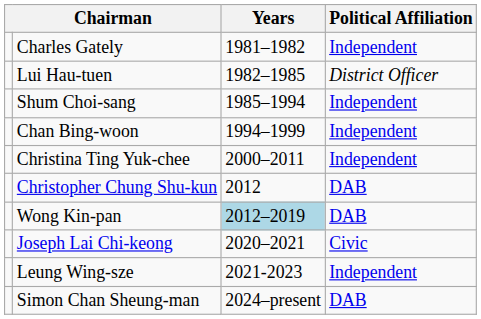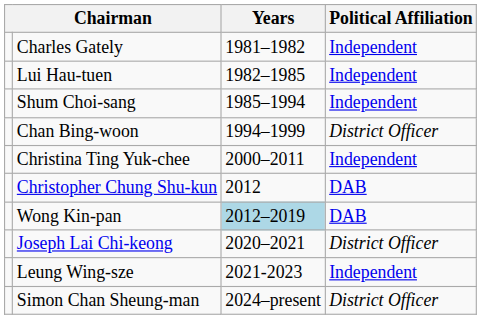 <table class="wikitable">
 <tr>
 <th colspan=2>Chairman</th>
 <th>Years</th>
 <th>Political Affiliation</th>
 </tr>
 <tr>
 <td style="color:inherit;background:"></td>
 <td>Charles Gately</td>
 <td>1981–1982</td>
 <td><a href='#'>Independent</a></td>
 </tr>
 <tr>
 <td style="color:inherit;background:"></td>
 <td>Lui Hau-tuen</td>
 <td>1982–1985</td>
-<td><em>District Officer</em></td>
+<td><a href='#'>Independent</a></td>
 </tr>
 <tr>
 <td style="color:inherit;background:"></td>
 <td>Shum Choi-sang</td>
 <td>1985–1994</td>
 <td><a href='#'>Independent</a></td>
 </tr>
 <tr>
 <td style="color:inherit;background:"></td>
 <td>Chan Bing-woon</td>
 <td>1994–1999</td>
-<td><a href='#'>Independent</a></td>
+<td><em>District Officer</em></td>
 </tr>
 <tr>
 <td style="color:inherit;background:"></td>
 <td>Christina Ting Yuk-chee</td>
 <td>2000–2011</td>
 <td><a href='#'>Independent</a></td>
 </tr>
 <tr>
 <td style="color:inherit;background:"></td>
 <td><a href='#'>Christopher Chung Shu-kun</a></td>
 <td>2012</td>
 <td><a href='#'>DAB</a></td>
 </tr>
 <tr>
 <td style="color:inherit;background:"></td>
 <td>Wong Kin-pan</td>
 <td style="background: lightblue;">2012–2019</td>
 <td><a href='#'>DAB</a></td>
 </tr>
 <tr>
 <td style="color:inherit;background:"></td>
 <td><a href='#'>Joseph Lai Chi-keong</a></td>
 <td>2020–2021</td>
-<td><a href='#'>Civic</a></td>
+<td><em>District Officer</em></td>
 </tr>
 <tr>
 <td style="color:inherit;background:"></td>
 <td>Leung Wing-sze</td>
 <td>2021-2023</td>
 <td><a href='#'>Independent</a></td>
 </tr>
 <tr>
 <td style="color:inherit;background:"></td>
 <td>Simon Chan Sheung-man</td>
 <td>2024–present</td>
-<td><a href='#'>DAB</a></td>
+<td><em>District Officer</em></td>
 </tr>
 </table>
